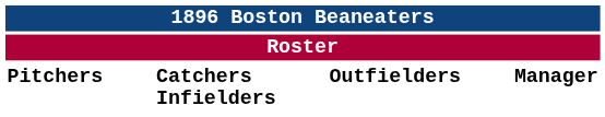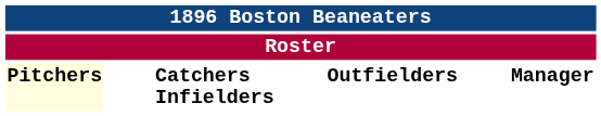 <table class="toccolours" style="font-size: 95%;">
 <tr>
 <th colspan="10" style="background-color: #0f437c; color: #FFFFFF; text-align: center;">1896 Boston Beaneaters</th>
 </tr>
 <tr>
 <td colspan="10" style="background-color:#af0039; color: white; text-align: center;"><strong>Roster</strong></td>
 </tr>
 <tr>
-<td valign="top"><strong>Pitchers</strong><br>       </td>
+<td valign="top" style="background: lightyellow;"><strong>Pitchers</strong><br>       </td>
 <td width="25px"></td>
 <td valign="top"><strong>Catchers</strong><br>   <strong>Infielders</strong>       </td>
 <td width="25px"></td>
 <td valign="top"><strong>Outfielders</strong><br>   </td>
 <td width="25px"></td>
 <td valign="top"><strong>Manager</strong><br></td>
 </tr>
 </table>
